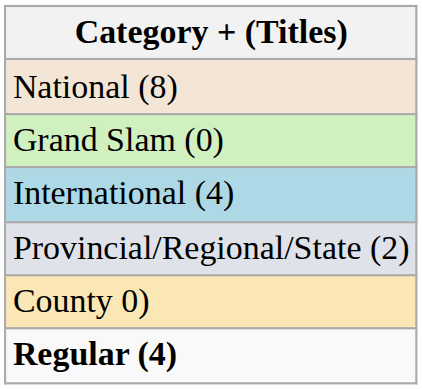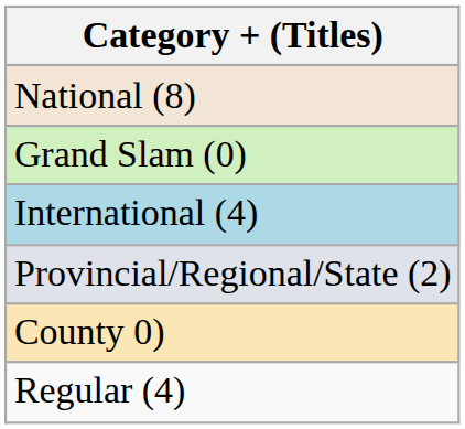 <table class="wikitable" style="display:inline-table;">
 <tr style="background:#ffc;">
 <th>Category + (Titles)</th>
 </tr>
 <tr style="background:#f3e6d7">
 <td>National (8)</td>
 </tr>
 <tr style="background:#d0f0c0">
 <td>Grand Slam (0)</td>
 </tr>
 <tr style="background:#add8e6">
 <td>International (4)</td>
 </tr>
 <tr style="background:#dfe2e9">
 <td>Provincial/Regional/State (2)</td>
 </tr>
 <tr style="background:#fae7b5">
 <td>County 0)</td>
 </tr>
 <tr>
-<td><strong>Regular (4)</strong></td>
+<td>Regular (4)</td>
 </tr>
 </table>
